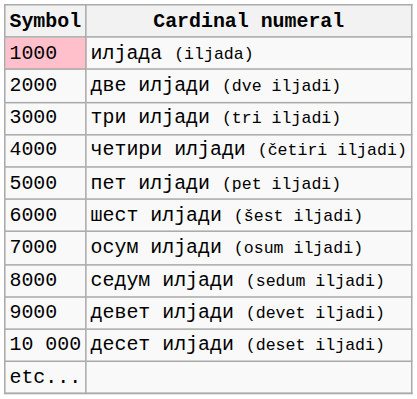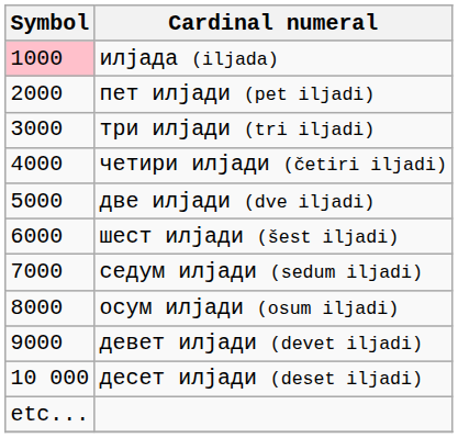 <table class="wikitable" align="center">
 <tr>
 <th>Symbol</th>
 <th>Cardinal numeral</th>
 </tr>
 <tr>
 <td style="background: pink;">1000</td>
 <td>илјада <small>(iljada)</small></td>
 </tr>
 <tr>
 <td>2000</td>
-<td>две илјади <small>(dve iljadi)</small></td>
+<td>пет илјади <small>(pet iljadi)</small></td>
 </tr>
 <tr>
 <td>3000</td>
 <td>три илјади <small>(tri iljadi)</small></td>
 </tr>
 <tr>
 <td>4000</td>
 <td>четири илјади <small>(četiri iljadi)</small></td>
 </tr>
 <tr>
 <td>5000</td>
-<td>пет илјади <small>(pet iljadi)</small></td>
+<td>две илјади <small>(dve iljadi)</small></td>
 </tr>
 <tr>
 <td>6000</td>
 <td>шест илјади <small>(šest iljadi)</small></td>
 </tr>
 <tr>
 <td>7000</td>
-<td>осум илјади <small>(osum iljadi)</small></td>
+<td>седум илјади <small>(sedum iljadi)</small></td>
 </tr>
 <tr>
 <td>8000</td>
-<td>седум илјади <small>(sedum iljadi)</small></td>
+<td>осум илјади <small>(osum iljadi)</small></td>
 </tr>
 <tr>
 <td>9000</td>
 <td>девет илјади <small>(devet iljadi)</small></td>
 </tr>
 <tr>
 <td>10 000</td>
 <td>десет илјади <small>(deset iljadi)</small></td>
 </tr>
 <tr>
 <td>etc...</td>
 <td></td>
 </tr>
 <tr>
 </tr>
 </table>
